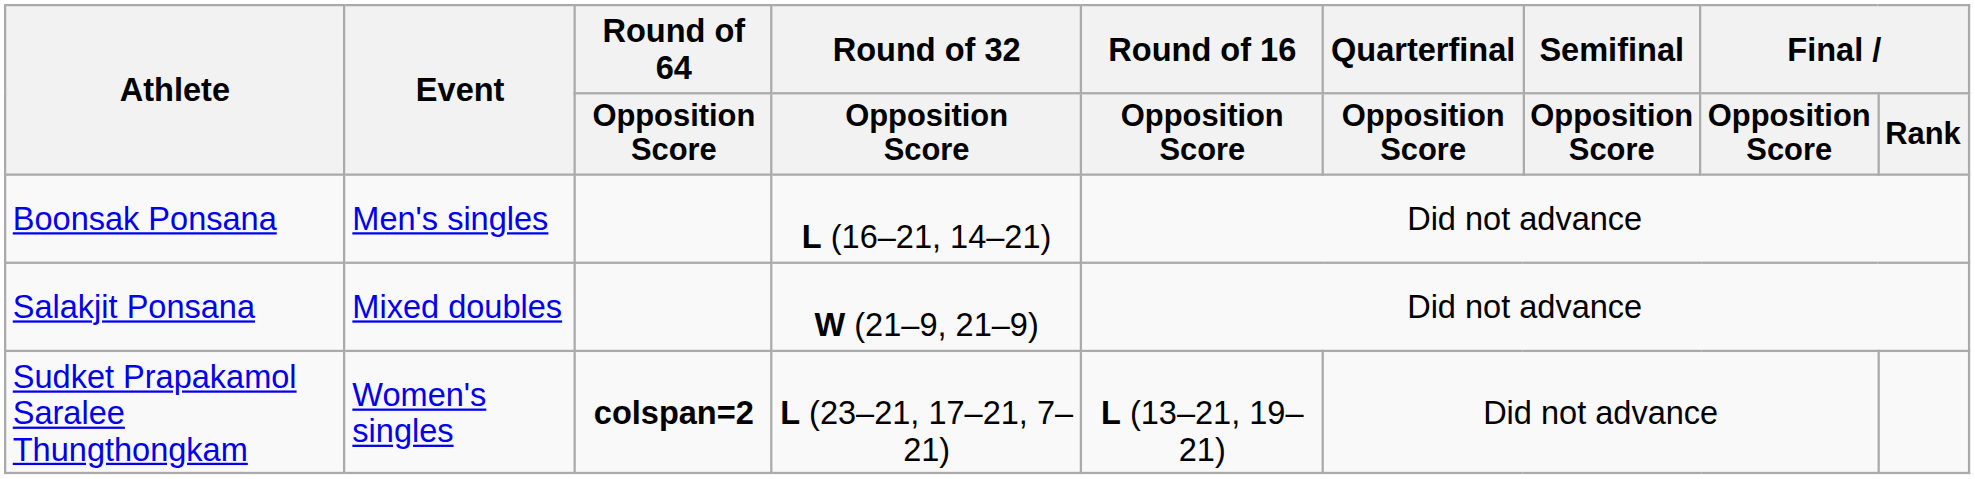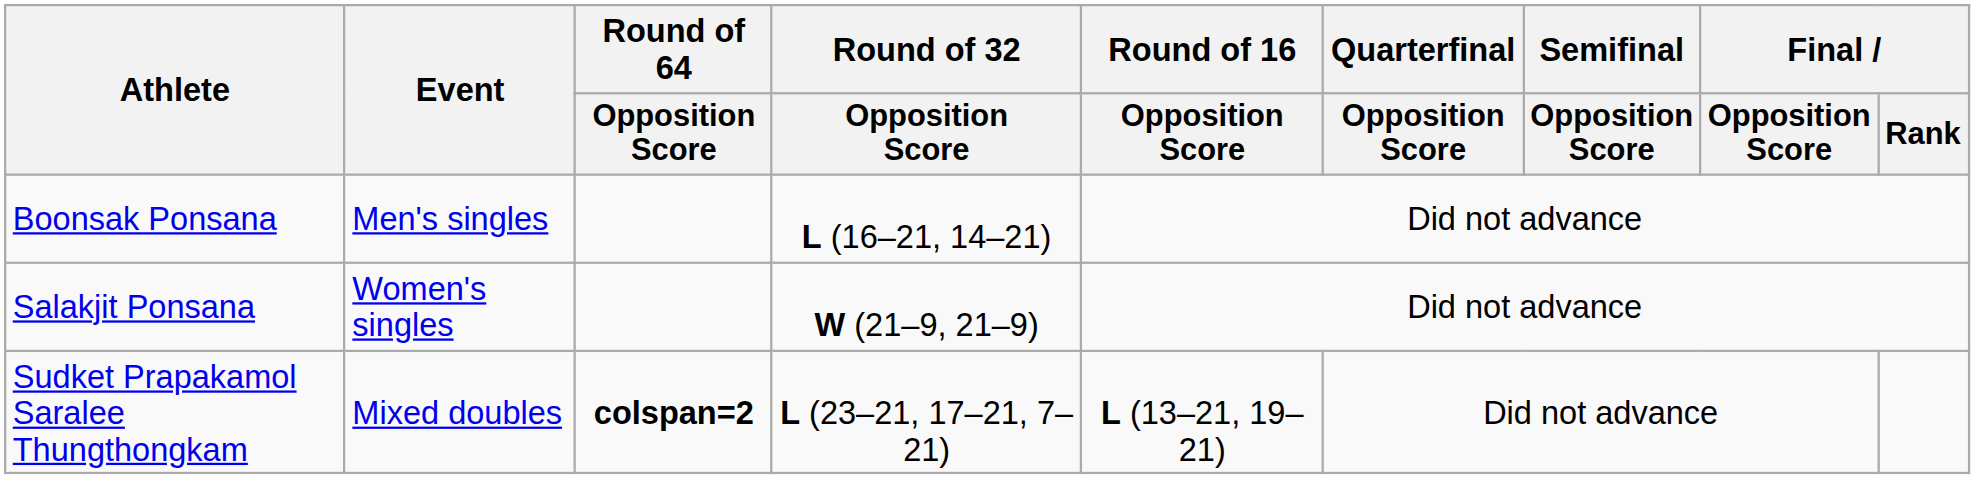 <table class=wikitable style="font-size:90%">
 <tr>
 <th rowspan="2">Athlete</th>
 <th rowspan="2">Event</th>
 <th>Round of 64</th>
 <th>Round of 32</th>
 <th>Round of 16</th>
 <th>Quarterfinal</th>
 <th>Semifinal</th>
 <th colspan=2>Final / </th>
 </tr>
 <tr style="font-size:95%">
 <th>Opposition<br>Score</th>
 <th>Opposition<br>Score</th>
 <th>Opposition<br>Score</th>
 <th>Opposition<br>Score</th>
 <th>Opposition<br>Score</th>
 <th>Opposition<br>Score</th>
 <th>Rank</th>
 </tr>
 <tr align=center>
 <td align=left><a href='#'>Boonsak Ponsana</a></td>
 <td align=left><a href='#'>Men's singles</a></td>
 <td></td>
 <td><br><strong>L</strong> (16–21, 14–21)</td>
 <td colspan=5>Did not advance</td>
 </tr>
 <tr align=center>
 <td align=left><a href='#'>Salakjit Ponsana</a></td>
-<td align=left><a href='#'>Mixed doubles</a></td>
+<td align=left><a href='#'>Women's singles</a></td>
 <td></td>
 <td><br><strong>W</strong> (21–9, 21–9)</td>
 <td colspan=5>Did not advance</td>
 </tr>
 <tr align=center>
 <td align=left><a href='#'>Sudket Prapakamol</a><br><a href='#'>Saralee Thungthongkam</a></td>
-<td align=left><a href='#'>Women's singles</a></td>
+<td align=left><a href='#'>Mixed doubles</a></td>
 <td><strong>colspan=2 </strong></td>
 <td><br><strong>L</strong> (23–21, 17–21, 7–21)</td>
 <td><br><strong>L</strong> (13–21, 19–21)</td>
 <td colspan=3>Did not advance</td>
 </tr>
 </table>
